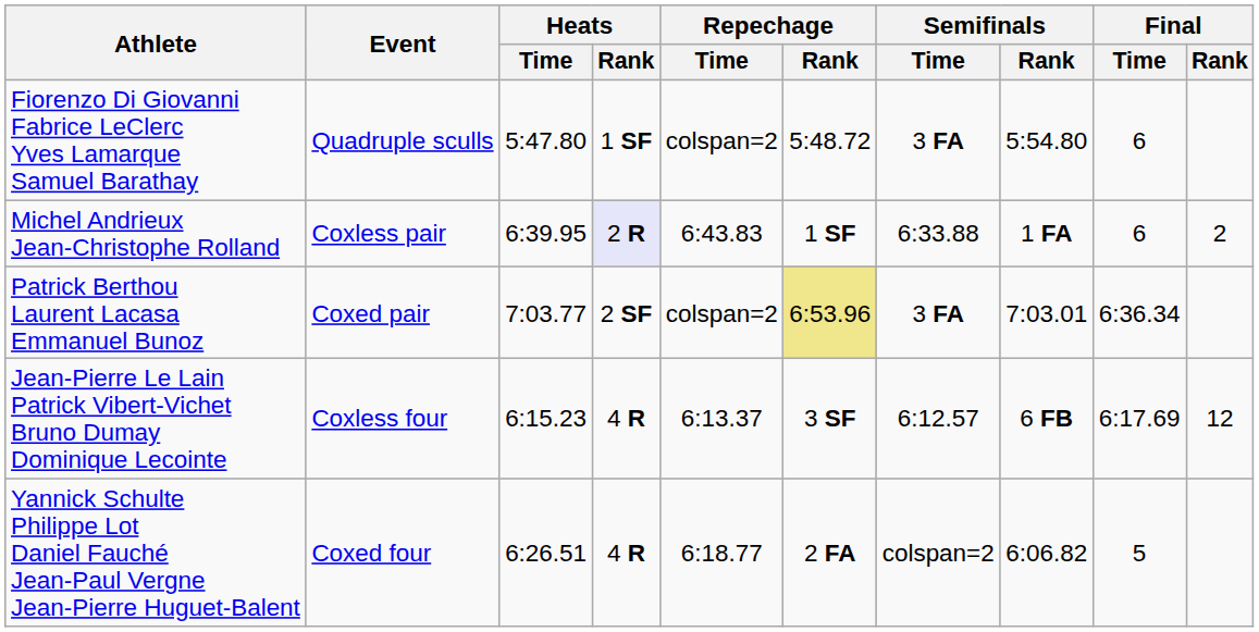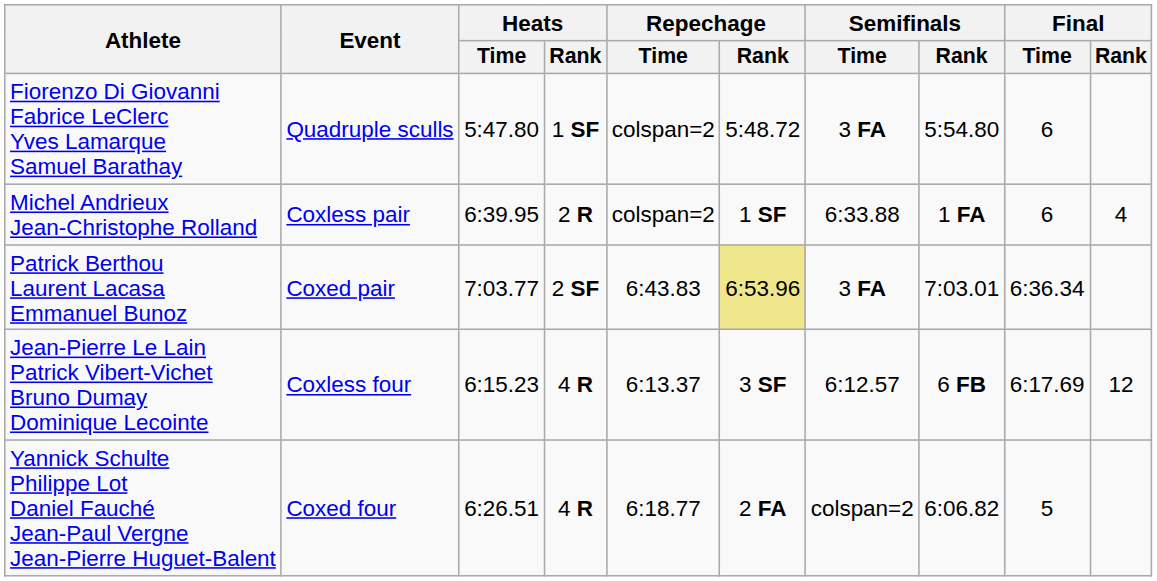 <table class="wikitable" style="font-size:90%">
 <tr>
 <th rowspan="2">Athlete</th>
 <th rowspan="2">Event</th>
 <th colspan="2">Heats</th>
 <th colspan="2">Repechage</th>
 <th colspan="2">Semifinals</th>
 <th colspan="2">Final</th>
 </tr>
 <tr style="font-size:95%">
 <th>Time</th>
 <th>Rank</th>
 <th>Time</th>
 <th>Rank</th>
 <th>Time</th>
 <th>Rank</th>
 <th>Time</th>
 <th>Rank</th>
 </tr>
 <tr align=center>
 <td align=left><a href='#'>Fiorenzo Di Giovanni</a><br><a href='#'>Fabrice LeClerc</a><br><a href='#'>Yves Lamarque</a><br><a href='#'>Samuel Barathay</a></td>
 <td align=left><a href='#'>Quadruple sculls</a></td>
 <td>5:47.80</td>
 <td>1 <strong>SF</strong></td>
 <td>colspan=2</td>
 <td>5:48.72</td>
 <td>3 <strong>FA</strong></td>
 <td>5:54.80</td>
 <td>6</td>
 </tr>
 <tr align=center>
 <td align=left><a href='#'>Michel Andrieux</a><br><a href='#'>Jean-Christophe Rolland</a></td>
 <td align=left><a href='#'>Coxless pair</a></td>
 <td>6:39.95</td>
-<td style="background: lavender;">2 <strong>R</strong></td>
-<td>6:43.83</td>
+<td>2 <strong>R</strong></td>
+<td>colspan=2</td>
 <td>1 <strong>SF</strong></td>
 <td>6:33.88</td>
 <td>1 <strong>FA</strong></td>
 <td>6</td>
-<td>2</td>
+<td>4</td>
 </tr>
 <tr align=center>
 <td align=left><a href='#'>Patrick Berthou</a><br><a href='#'>Laurent Lacasa</a><br><a href='#'>Emmanuel Bunoz</a></td>
 <td align=left><a href='#'>Coxed pair</a></td>
 <td>7:03.77</td>
 <td>2 <strong>SF</strong></td>
-<td>colspan=2</td>
+<td>6:43.83</td>
 <td style="background: khaki;">6:53.96</td>
 <td>3 <strong>FA</strong></td>
 <td>7:03.01</td>
 <td>6:36.34</td>
 </tr>
 <tr align=center>
 <td align=left><a href='#'>Jean-Pierre Le Lain</a><br><a href='#'>Patrick Vibert-Vichet</a><br><a href='#'>Bruno Dumay</a><br><a href='#'>Dominique Lecointe</a></td>
 <td align=left><a href='#'>Coxless four</a></td>
 <td>6:15.23</td>
 <td>4 <strong>R</strong></td>
 <td>6:13.37</td>
 <td>3 <strong>SF</strong></td>
 <td>6:12.57</td>
 <td>6 <strong>FB</strong></td>
 <td>6:17.69</td>
 <td>12</td>
 </tr>
 <tr align=center>
 <td align=left><a href='#'>Yannick Schulte</a><br><a href='#'>Philippe Lot</a><br><a href='#'>Daniel Fauché</a><br><a href='#'>Jean-Paul Vergne</a><br><a href='#'>Jean-Pierre Huguet-Balent</a></td>
 <td align=left><a href='#'>Coxed four</a></td>
 <td>6:26.51</td>
 <td>4 <strong>R</strong></td>
 <td>6:18.77</td>
 <td>2  <strong>FA</strong></td>
 <td>colspan=2</td>
 <td>6:06.82</td>
 <td>5</td>
 </tr>
 </table>
